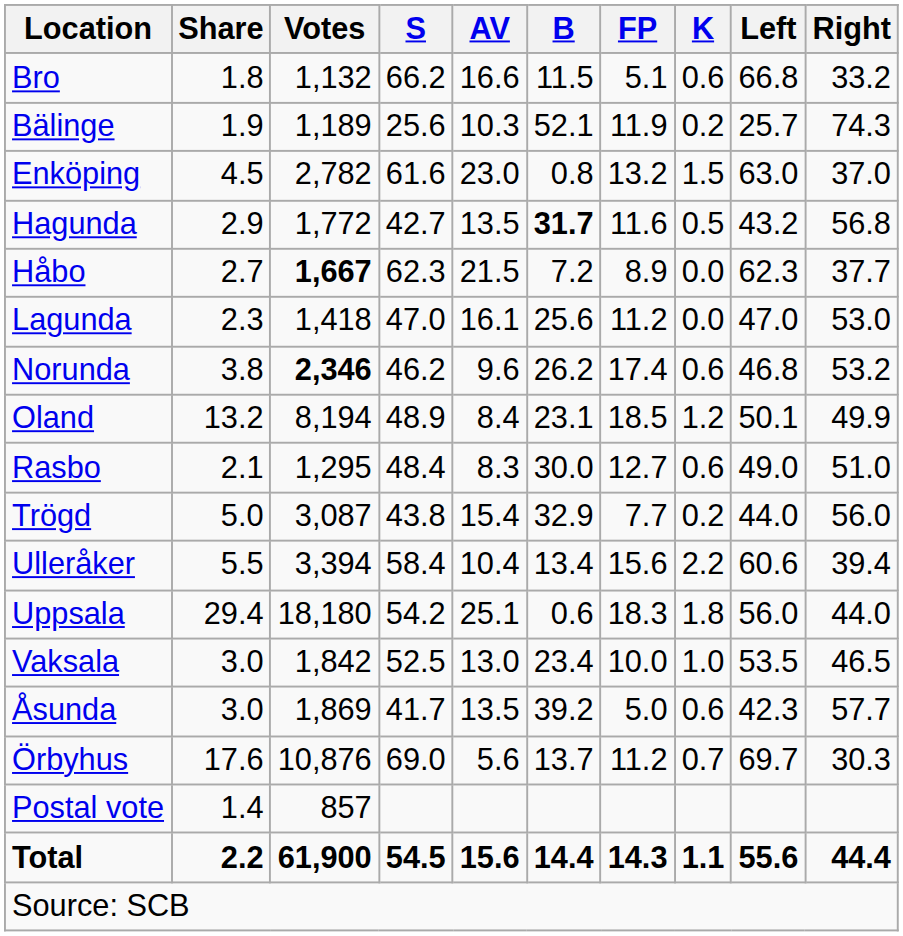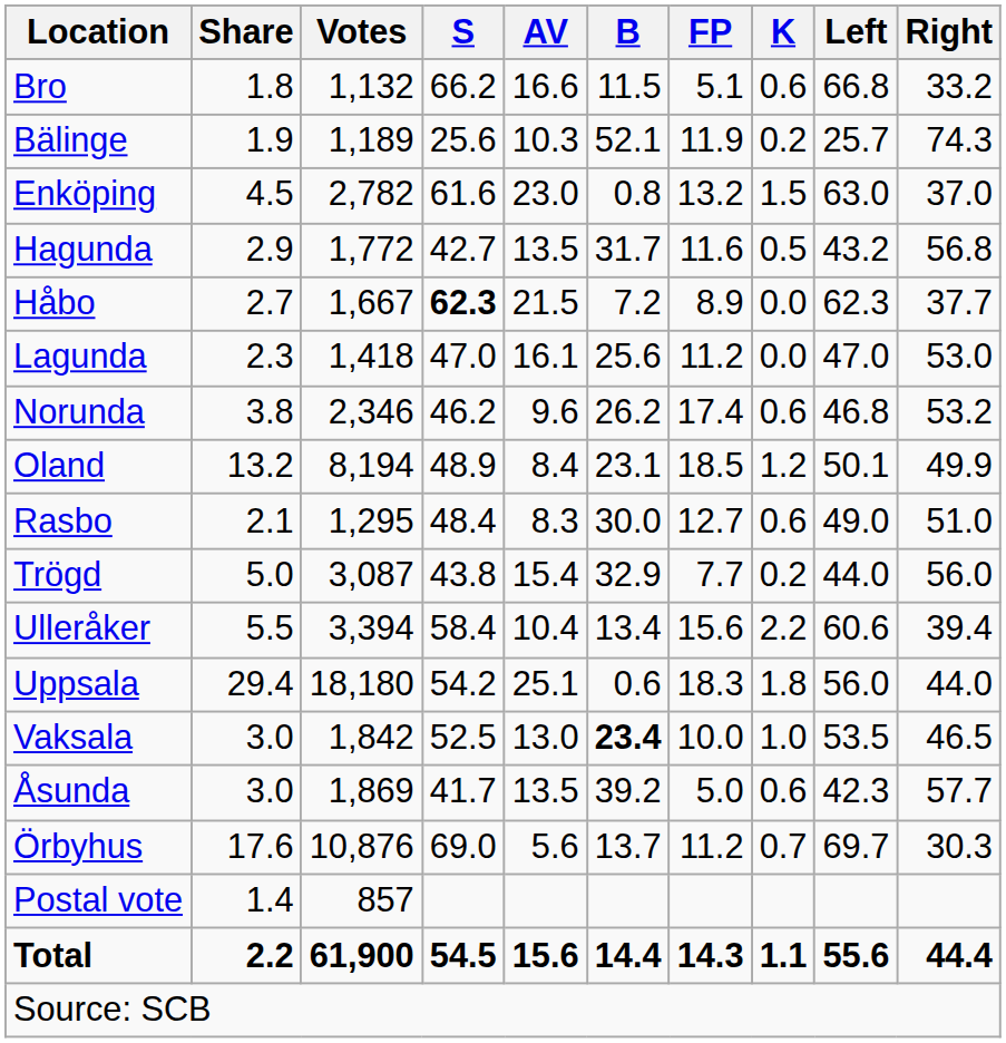 <table class="wikitable sortable" style=text-align:right>
 <tr>
 <th>Location</th>
 <th>Share</th>
 <th>Votes</th>
 <th><a href='#'>S</a></th>
 <th><a href='#'>AV</a></th>
 <th><a href='#'>B</a></th>
 <th><a href='#'>FP</a></th>
 <th><a href='#'>K</a></th>
 <th>Left</th>
 <th>Right</th>
 </tr>
 <tr>
 <td align=left><a href='#'>Bro</a></td>
 <td>1.8</td>
 <td>1,132</td>
 <td>66.2</td>
 <td>16.6</td>
 <td>11.5</td>
 <td>5.1</td>
 <td>0.6</td>
 <td>66.8</td>
 <td>33.2</td>
 </tr>
 <tr>
 <td align=left><a href='#'>Bälinge</a></td>
 <td>1.9</td>
 <td>1,189</td>
 <td>25.6</td>
 <td>10.3</td>
 <td>52.1</td>
 <td>11.9</td>
 <td>0.2</td>
 <td>25.7</td>
 <td>74.3</td>
 </tr>
 <tr>
 <td align=left><a href='#'>Enköping</a></td>
 <td>4.5</td>
 <td>2,782</td>
 <td>61.6</td>
 <td>23.0</td>
 <td>0.8</td>
 <td>13.2</td>
 <td>1.5</td>
 <td>63.0</td>
 <td>37.0</td>
 </tr>
 <tr>
 <td align=left><a href='#'>Hagunda</a></td>
 <td>2.9</td>
 <td>1,772</td>
 <td>42.7</td>
 <td>13.5</td>
-<td><strong>31.7</strong></td>
+<td>31.7</td>
 <td>11.6</td>
 <td>0.5</td>
 <td>43.2</td>
 <td>56.8</td>
 </tr>
 <tr>
 <td align=left><a href='#'>Håbo</a></td>
 <td>2.7</td>
-<td><strong>1,667</strong></td>
-<td>62.3</td>
+<td>1,667</td>
+<td><strong>62.3</strong></td>
 <td>21.5</td>
 <td>7.2</td>
 <td>8.9</td>
 <td>0.0</td>
 <td>62.3</td>
 <td>37.7</td>
 </tr>
 <tr>
 <td align=left><a href='#'>Lagunda</a></td>
 <td>2.3</td>
 <td>1,418</td>
 <td>47.0</td>
 <td>16.1</td>
 <td>25.6</td>
 <td>11.2</td>
 <td>0.0</td>
 <td>47.0</td>
 <td>53.0</td>
 </tr>
 <tr>
 <td align=left><a href='#'>Norunda</a></td>
 <td>3.8</td>
-<td><strong>2,346</strong></td>
+<td>2,346</td>
 <td>46.2</td>
 <td>9.6</td>
 <td>26.2</td>
 <td>17.4</td>
 <td>0.6</td>
 <td>46.8</td>
 <td>53.2</td>
 </tr>
 <tr>
 <td align=left><a href='#'>Oland</a></td>
 <td>13.2</td>
 <td>8,194</td>
 <td>48.9</td>
 <td>8.4</td>
 <td>23.1</td>
 <td>18.5</td>
 <td>1.2</td>
 <td>50.1</td>
 <td>49.9</td>
 </tr>
 <tr>
 <td align=left><a href='#'>Rasbo</a></td>
 <td>2.1</td>
 <td>1,295</td>
 <td>48.4</td>
 <td>8.3</td>
 <td>30.0</td>
 <td>12.7</td>
 <td>0.6</td>
 <td>49.0</td>
 <td>51.0</td>
 </tr>
 <tr>
 <td align=left><a href='#'>Trögd</a></td>
 <td>5.0</td>
 <td>3,087</td>
 <td>43.8</td>
 <td>15.4</td>
 <td>32.9</td>
 <td>7.7</td>
 <td>0.2</td>
 <td>44.0</td>
 <td>56.0</td>
 </tr>
 <tr>
 <td align=left><a href='#'>Ulleråker</a></td>
 <td>5.5</td>
 <td>3,394</td>
 <td>58.4</td>
 <td>10.4</td>
 <td>13.4</td>
 <td>15.6</td>
 <td>2.2</td>
 <td>60.6</td>
 <td>39.4</td>
 </tr>
 <tr>
 <td align=left><a href='#'>Uppsala</a></td>
 <td>29.4</td>
 <td>18,180</td>
 <td>54.2</td>
 <td>25.1</td>
 <td>0.6</td>
 <td>18.3</td>
 <td>1.8</td>
 <td>56.0</td>
 <td>44.0</td>
 </tr>
 <tr>
 <td align=left><a href='#'>Vaksala</a></td>
 <td>3.0</td>
 <td>1,842</td>
 <td>52.5</td>
 <td>13.0</td>
-<td>23.4</td>
+<td><strong>23.4</strong></td>
 <td>10.0</td>
 <td>1.0</td>
 <td>53.5</td>
 <td>46.5</td>
 </tr>
 <tr>
 <td align=left><a href='#'>Åsunda</a></td>
 <td>3.0</td>
 <td>1,869</td>
 <td>41.7</td>
 <td>13.5</td>
 <td>39.2</td>
 <td>5.0</td>
 <td>0.6</td>
 <td>42.3</td>
 <td>57.7</td>
 </tr>
 <tr>
 <td align=left><a href='#'>Örbyhus</a></td>
 <td>17.6</td>
 <td>10,876</td>
 <td>69.0</td>
 <td>5.6</td>
 <td>13.7</td>
 <td>11.2</td>
 <td>0.7</td>
 <td>69.7</td>
 <td>30.3</td>
 </tr>
 <tr>
 <td align=left><a href='#'>Postal vote</a></td>
 <td>1.4</td>
 <td>857</td>
 <td></td>
 <td></td>
 <td></td>
 <td></td>
 <td></td>
 <td></td>
 <td></td>
 </tr>
 <tr>
 <td align=left><strong>Total</strong></td>
 <td><strong>2.2</strong></td>
 <td><strong>61,900</strong></td>
 <td><strong>54.5</strong></td>
 <td><strong>15.6</strong></td>
 <td><strong>14.4</strong></td>
 <td><strong>14.3</strong></td>
 <td><strong>1.1</strong></td>
 <td><strong>55.6</strong></td>
 <td><strong>44.4</strong></td>
 </tr>
 <tr>
 <td align=left colspan=10>Source: SCB </td>
 </tr>
 </table>
